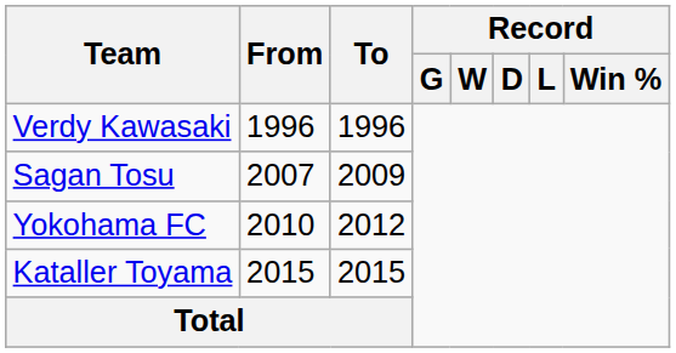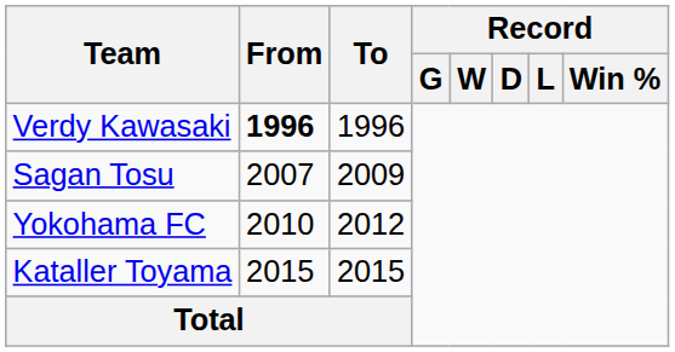 <table class="wikitable" style="text-align: center">
 <tr>
 <th rowspan="2">Team</th>
 <th rowspan="2">From</th>
 <th rowspan="2">To</th>
 <th colspan="5">Record</th>
 </tr>
 <tr>
 <th>G</th>
 <th>W</th>
 <th>D</th>
 <th>L</th>
 <th>Win %</th>
 </tr>
 <tr>
 <td align="left"><a href='#'>Verdy Kawasaki</a></td>
-<td align="left">1996</td>
+<td align="left"><strong>1996</strong></td>
 <td align="left">1996<br></td>
 </tr>
 <tr>
 <td align="left"><a href='#'>Sagan Tosu</a></td>
 <td align="left">2007</td>
 <td align="left">2009<br></td>
 </tr>
 <tr>
 <td align="left"><a href='#'>Yokohama FC</a></td>
 <td align="left">2010</td>
 <td align="left">2012<br></td>
 </tr>
 <tr>
 <td align="left"><a href='#'>Kataller Toyama</a></td>
 <td align="left">2015</td>
 <td align="left">2015<br></td>
 </tr>
 <tr>
 <th colspan="3">Total<br></th>
 </tr>
 </table>
